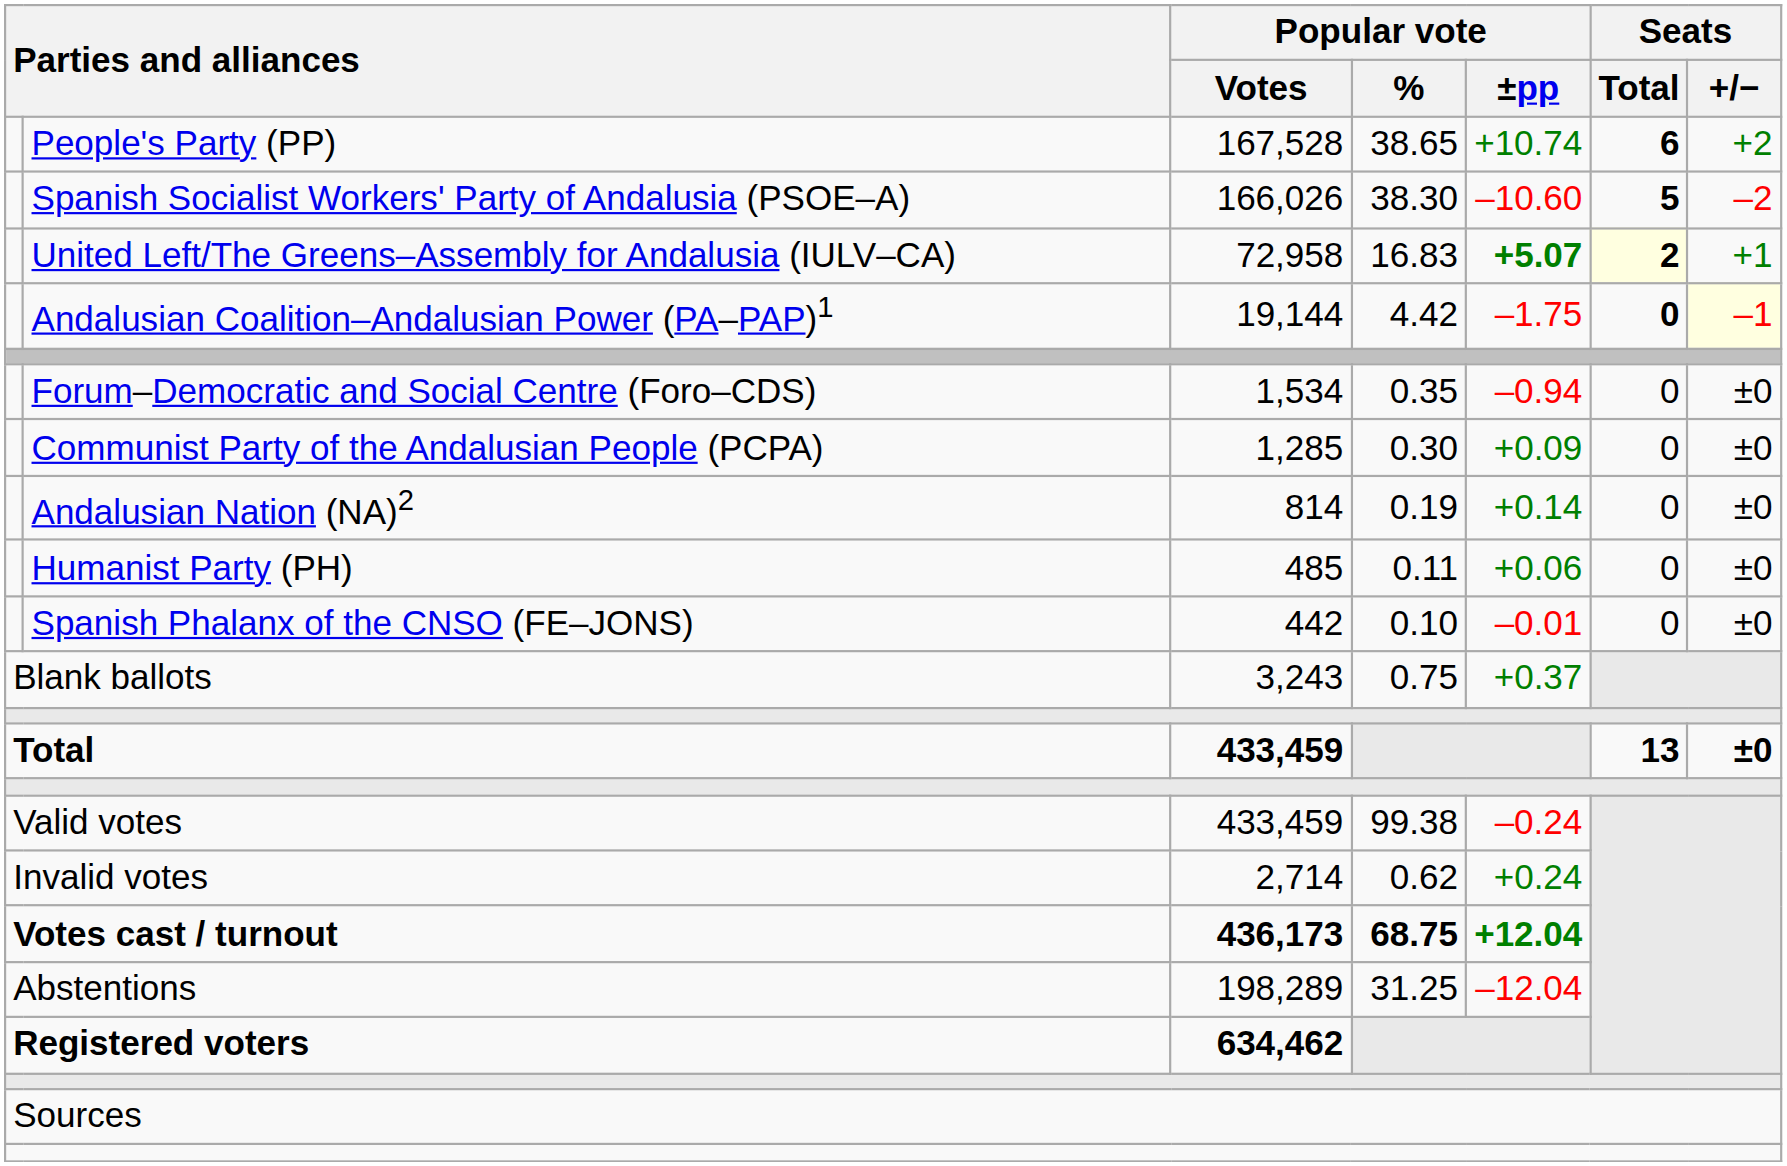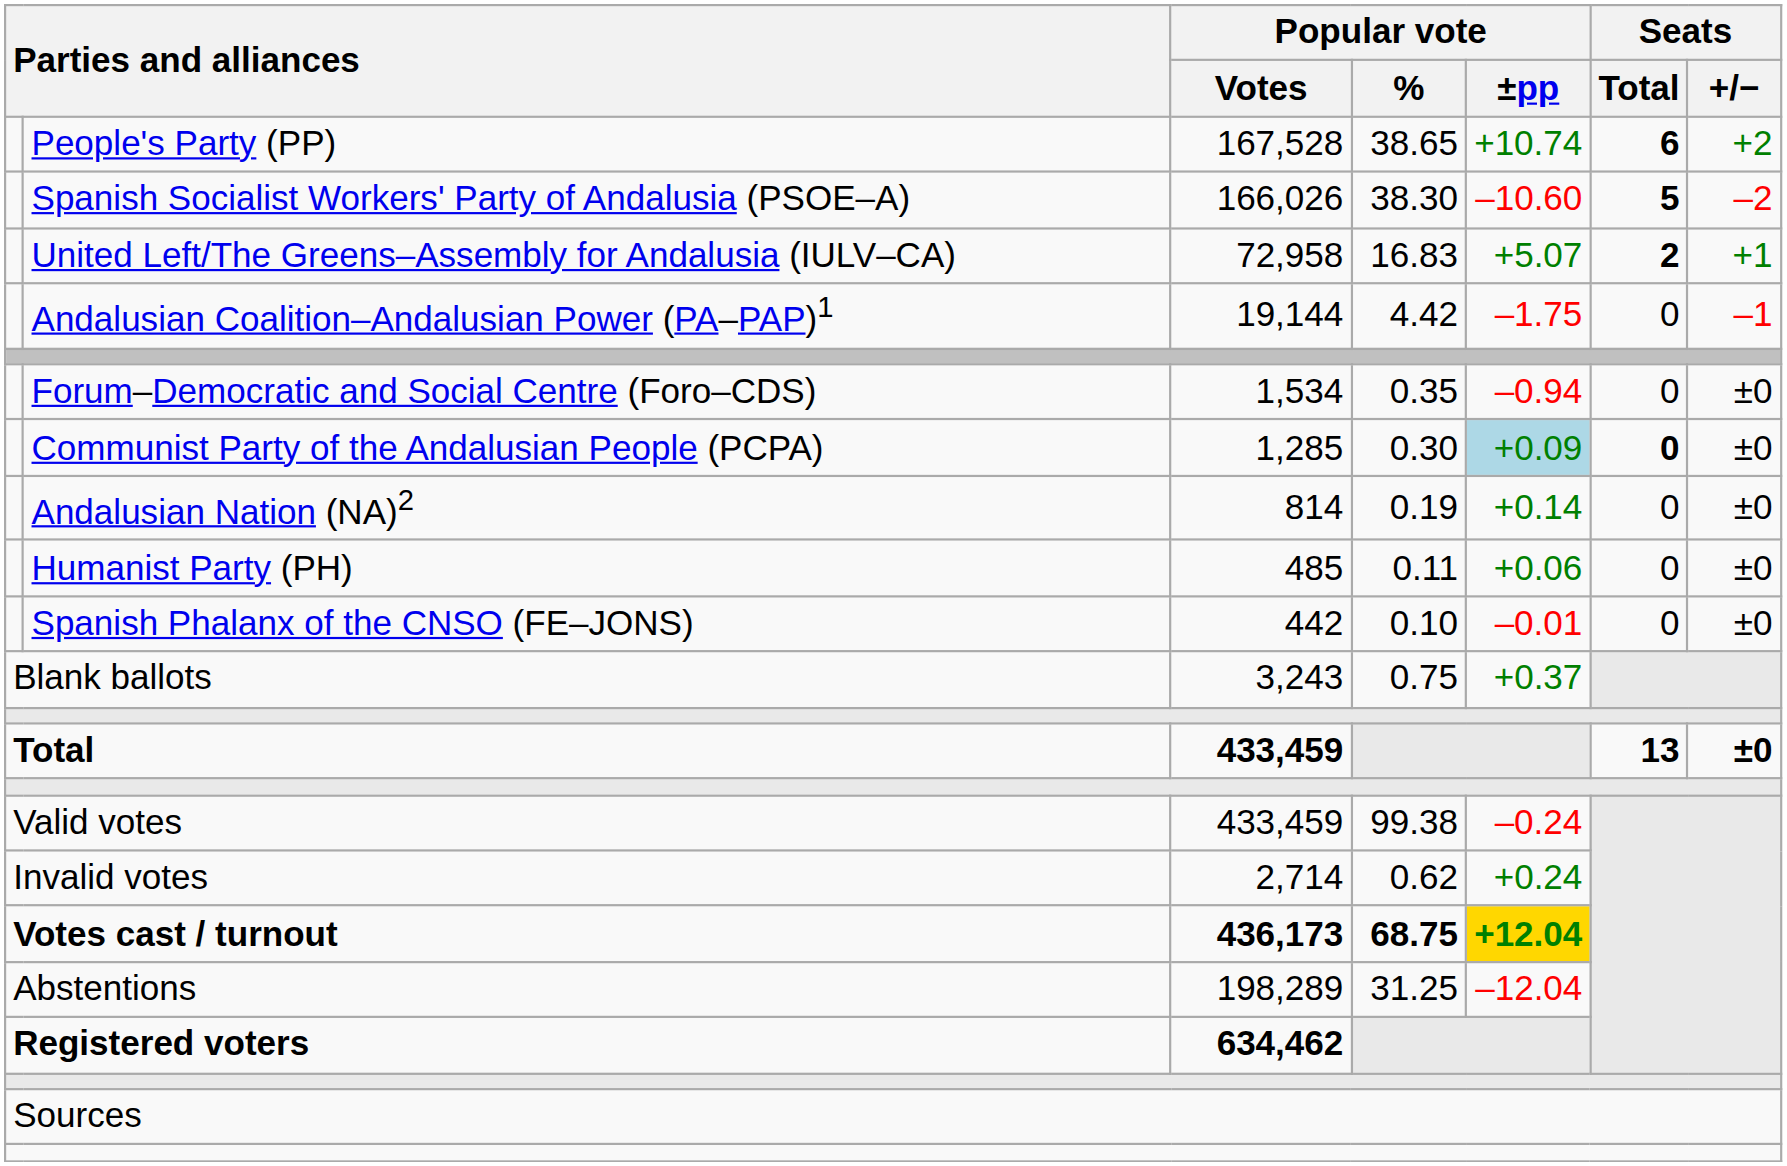 <table class="wikitable" style="text-align:right;">
 <tr>
 <th style="text-align:left;" rowspan="2" colspan="2" width="525">Parties and alliances</th>
 <th colspan="3">Popular vote</th>
 <th colspan="2">Seats</th>
 </tr>
 <tr>
 <th width="75">Votes</th>
 <th width="45">%</th>
 <th width="45">±<a href='#'>pp</a></th>
 <th width="35">Total</th>
 <th width="35">+/−</th>
 </tr>
 <tr>
 <td width="1" style="color:inherit;background:"></td>
 <td align="left"><a href='#'>People's Party</a> (PP)</td>
 <td>167,528</td>
 <td>38.65</td>
 <td style="color:green;">+10.74</td>
 <td><strong>6</strong></td>
 <td style="color:green;">+2</td>
 </tr>
 <tr>
 <td style="color:inherit;background:"></td>
 <td align="left"><a href='#'>Spanish Socialist Workers' Party of Andalusia</a> (PSOE–A)</td>
 <td>166,026</td>
 <td>38.30</td>
 <td style="color:red;">–10.60</td>
 <td><strong>5</strong></td>
 <td style="color:red;">–2</td>
 </tr>
 <tr>
 <td style="color:inherit;background:"></td>
 <td align="left"><a href='#'>United Left/The Greens–Assembly for Andalusia</a> (IULV–CA)</td>
 <td>72,958</td>
 <td>16.83</td>
-<td style="color:green;"><strong>+5.07</strong></td>
-<td style="background: lightyellow;"><strong>2</strong></td>
+<td style="color:green;">+5.07</td>
+<td><strong>2</strong></td>
 <td style="color:green;">+1</td>
 </tr>
 <tr>
 <td style="color:inherit;background:"></td>
 <td align="left"><a href='#'>Andalusian Coalition–Andalusian Power</a> (<a href='#'>PA</a>–<a href='#'>PAP</a>)<sup>1</sup></td>
 <td>19,144</td>
 <td>4.42</td>
 <td style="color:red;">–1.75</td>
-<td><strong>0</strong></td>
-<td style="background: lightyellow; color:red;">–1</td>
+<td>0</td>
+<td style="color:red;">–1</td>
 </tr>
 <tr>
 <td colspan="7" bgcolor="#C0C0C0"></td>
 </tr>
 <tr>
 <td style="color:inherit;background:"></td>
 <td align="left"><a href='#'>Forum</a>–<a href='#'>Democratic and Social Centre</a> (Foro–CDS)</td>
 <td>1,534</td>
 <td>0.35</td>
 <td style="color:red;">–0.94</td>
 <td>0</td>
 <td>±0</td>
 </tr>
 <tr>
 <td style="color:inherit;background:"></td>
 <td align="left"><a href='#'>Communist Party of the Andalusian People</a> (PCPA)</td>
 <td>1,285</td>
 <td>0.30</td>
-<td style="color:green;">+0.09</td>
-<td>0</td>
+<td style="background: lightblue; color:green;">+0.09</td>
+<td><strong>0</strong></td>
 <td>±0</td>
 </tr>
 <tr>
 <td style="color:inherit;background:"></td>
 <td align="left"><a href='#'>Andalusian Nation</a> (NA)<sup>2</sup></td>
 <td>814</td>
 <td>0.19</td>
 <td style="color:green;">+0.14</td>
 <td>0</td>
 <td>±0</td>
 </tr>
 <tr>
 <td style="color:inherit;background:"></td>
 <td align="left"><a href='#'>Humanist Party</a> (PH)</td>
 <td>485</td>
 <td>0.11</td>
 <td style="color:green;">+0.06</td>
 <td>0</td>
 <td>±0</td>
 </tr>
 <tr>
 <td style="color:inherit;background:"></td>
 <td align="left"><a href='#'>Spanish Phalanx of the CNSO</a> (FE–JONS)</td>
 <td>442</td>
 <td>0.10</td>
 <td style="color:red;">–0.01</td>
 <td>0</td>
 <td>±0</td>
 </tr>
 <tr>
 <td align="left" colspan="2">Blank ballots</td>
 <td>3,243</td>
 <td>0.75</td>
 <td style="color:green;">+0.37</td>
 <td bgcolor="#E9E9E9" colspan="2"></td>
 </tr>
 <tr>
 <td colspan="7" bgcolor="#E9E9E9"></td>
 </tr>
 <tr style="font-weight:bold;">
 <td align="left" colspan="2">Total</td>
 <td>433,459</td>
 <td bgcolor="#E9E9E9" colspan="2"></td>
 <td>13</td>
 <td>±0</td>
 </tr>
 <tr>
 <td colspan="7" bgcolor="#E9E9E9"></td>
 </tr>
 <tr>
 <td align="left" colspan="2">Valid votes</td>
 <td>433,459</td>
 <td>99.38</td>
 <td style="color:red;">–0.24</td>
 <td bgcolor="#E9E9E9" colspan="2" rowspan="5"></td>
 </tr>
 <tr>
 <td align="left" colspan="2">Invalid votes</td>
 <td>2,714</td>
 <td>0.62</td>
 <td style="color:green;">+0.24</td>
 </tr>
 <tr style="font-weight:bold;">
 <td align="left" colspan="2">Votes cast / turnout</td>
 <td>436,173</td>
 <td>68.75</td>
-<td style="color:green;">+12.04</td>
+<td style="background: gold; color:green;">+12.04</td>
 </tr>
 <tr>
 <td align="left" colspan="2">Abstentions</td>
 <td>198,289</td>
 <td>31.25</td>
 <td style="color:red;">–12.04</td>
 </tr>
 <tr style="font-weight:bold;">
 <td align="left" colspan="2">Registered voters</td>
 <td>634,462</td>
 <td bgcolor="#E9E9E9" colspan="2"></td>
 </tr>
 <tr>
 <td colspan="7" bgcolor="#E9E9E9"></td>
 </tr>
 <tr>
 <td align="left" colspan="7">Sources</td>
 </tr>
 <tr>
 <td colspan="7" style="text-align:left; max-width:790px;"></td>
 </tr>
 </table>
